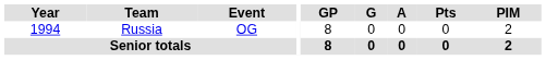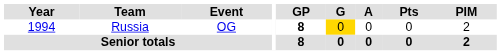 <table border="0" cellpadding="1" cellspacing="0" ID="Table3" style="text-align:center; width:40em">
 <tr ALIGN="center" bgcolor="#e0e0e0">
 <th>Year</th>
 <th>Team</th>
 <th>Event</th>
 <th rowspan="99" bgcolor="#ffffff"></th>
 <th>GP</th>
 <th>G</th>
 <th>A</th>
 <th>Pts</th>
 <th>PIM</th>
 </tr>
 <tr>
 <td><a href='#'>1994</a></td>
 <td><a href='#'>Russia</a></td>
 <td><a href='#'>OG</a></td>
-<td>8</td>
-<td>0</td>
+<td><strong>8</strong></td>
+<td style="background: gold;">0</td>
 <td>0</td>
 <td>0</td>
 <td>2</td>
 </tr>
 <tr bgcolor="#e0e0e0">
 <th colspan="3">Senior totals</th>
 <th>8</th>
 <th>0</th>
 <th>0</th>
 <th>0</th>
 <th>2</th>
 </tr>
 </table>
